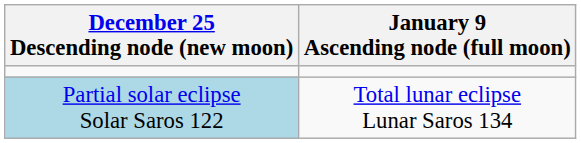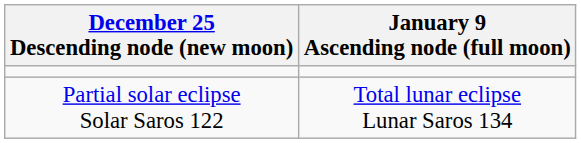 <table class="wikitable">
 <tr>
 <th><a href='#'>December 25</a><br>Descending node (new moon)<br></th>
 <th>January 9<br>Ascending node (full moon)<br></th>
 </tr>
 <tr>
 <td></td>
 <td></td>
 </tr>
 <tr align=center>
-<td style="background: lightblue;"><a href='#'>Partial solar eclipse</a><br>Solar Saros 122</td>
+<td><a href='#'>Partial solar eclipse</a><br>Solar Saros 122</td>
 <td><a href='#'>Total lunar eclipse</a><br>Lunar Saros 134</td>
 </tr>
 </table>
